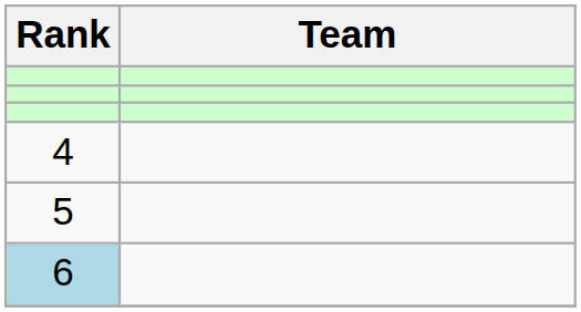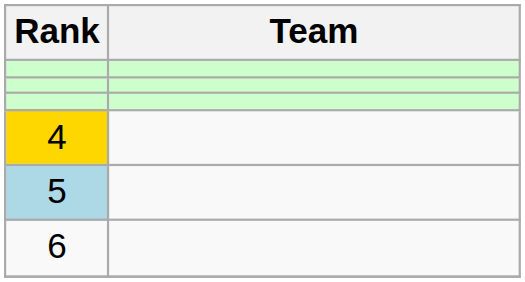 <table class="wikitable" style="text-align: center;">
 <tr>
 <th width=40>Rank</th>
 <th width=180>Team</th>
 </tr>
 <tr align=center; bgcolor=#ccffcc>
 <td></td>
 <td style="text-align:left;"></td>
 </tr>
 <tr align=center; bgcolor=#ccffcc>
 <td></td>
 <td style="text-align:left;"></td>
 </tr>
 <tr align=center; bgcolor=#ccffcc>
 <td></td>
 <td style="text-align:left;"></td>
 </tr>
 <tr align=center>
-<td>4</td>
+<td style="background: gold;">4</td>
 <td style="text-align:left;"></td>
 </tr>
 <tr align=center>
-<td>5</td>
+<td style="background: lightblue;">5</td>
 <td style="text-align:left;"></td>
 </tr>
 <tr align=center>
-<td style="background: lightblue;">6</td>
+<td>6</td>
 <td style="text-align:left;"></td>
 </tr>
 <tr align=center>
 </tr>
 </table>
